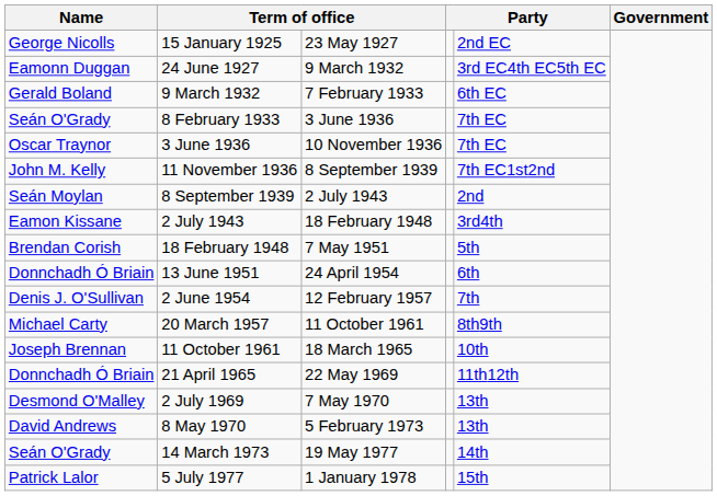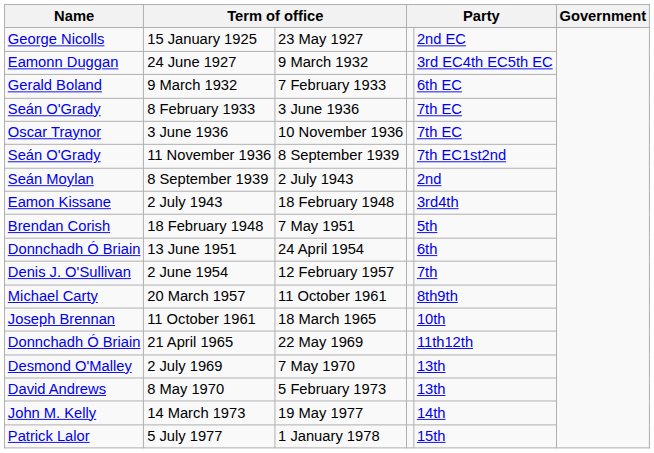 <table class="wikitable">
 <tr>
 <th>Name</th>
 <th colspan="2">Term of office</th>
 <th colspan="2">Party</th>
 <th>Government</th>
 </tr>
 <tr>
 <td><a href='#'>George Nicolls</a></td>
 <td>15 January 1925</td>
 <td>23 May 1927</td>
 <td></td>
 <td><a href='#'>2nd EC</a></td>
 </tr>
 <tr>
 <td><a href='#'>Eamonn Duggan</a></td>
 <td>24 June 1927</td>
 <td>9 March 1932</td>
 <td></td>
 <td><a href='#'>3rd EC</a><a href='#'>4th EC</a><a href='#'>5th EC</a></td>
 </tr>
 <tr>
 <td><a href='#'>Gerald Boland</a></td>
 <td>9 March 1932</td>
 <td>7 February 1933</td>
 <td></td>
 <td><a href='#'>6th EC</a></td>
 </tr>
 <tr>
 <td><a href='#'>Seán O'Grady</a></td>
 <td>8 February 1933</td>
 <td>3 June 1936</td>
 <td></td>
 <td><a href='#'>7th EC</a></td>
 </tr>
 <tr>
 <td><a href='#'>Oscar Traynor</a></td>
 <td>3 June 1936</td>
 <td>10 November 1936</td>
 <td></td>
 <td><a href='#'>7th EC</a></td>
 </tr>
 <tr>
-<td><a href='#'>John M. Kelly</a></td>
+<td><a href='#'>Seán O'Grady</a></td>
 <td>11 November 1936</td>
 <td>8 September 1939</td>
 <td></td>
 <td><a href='#'>7th EC</a><a href='#'>1st</a><a href='#'>2nd</a></td>
 </tr>
 <tr>
 <td><a href='#'>Seán Moylan</a></td>
 <td>8 September 1939</td>
 <td>2 July 1943</td>
 <td></td>
 <td><a href='#'>2nd</a></td>
 </tr>
 <tr>
 <td><a href='#'>Eamon Kissane</a></td>
 <td>2 July 1943</td>
 <td>18 February 1948</td>
 <td></td>
 <td><a href='#'>3rd</a><a href='#'>4th</a></td>
 </tr>
 <tr>
 <td><a href='#'>Brendan Corish</a></td>
 <td>18 February 1948</td>
 <td>7 May 1951</td>
 <td></td>
 <td><a href='#'>5th</a></td>
 </tr>
 <tr>
 <td><a href='#'>Donnchadh Ó Briain</a></td>
 <td>13 June 1951</td>
 <td>24 April 1954</td>
 <td></td>
 <td><a href='#'>6th</a></td>
 </tr>
 <tr>
 <td><a href='#'>Denis J. O'Sullivan</a></td>
 <td>2 June 1954</td>
 <td>12 February 1957</td>
 <td></td>
 <td><a href='#'>7th</a></td>
 </tr>
 <tr>
 <td><a href='#'>Michael Carty</a></td>
 <td>20 March 1957</td>
 <td>11 October 1961</td>
 <td></td>
 <td><a href='#'>8th</a><a href='#'>9th</a></td>
 </tr>
 <tr>
 <td><a href='#'>Joseph Brennan</a></td>
 <td>11 October 1961</td>
 <td>18 March 1965</td>
 <td></td>
 <td><a href='#'>10th</a></td>
 </tr>
 <tr>
 <td><a href='#'>Donnchadh Ó Briain</a></td>
 <td>21 April 1965</td>
 <td>22 May 1969</td>
 <td></td>
 <td><a href='#'>11th</a><a href='#'>12th</a></td>
 </tr>
 <tr>
 <td><a href='#'>Desmond O'Malley</a></td>
 <td>2 July 1969</td>
 <td>7 May 1970</td>
 <td></td>
 <td><a href='#'>13th</a></td>
 </tr>
 <tr>
 <td><a href='#'>David Andrews</a></td>
 <td>8 May 1970</td>
 <td>5 February 1973</td>
 <td></td>
 <td><a href='#'>13th</a></td>
 </tr>
 <tr>
-<td><a href='#'>Seán O'Grady</a></td>
+<td><a href='#'>John M. Kelly</a></td>
 <td>14 March 1973</td>
 <td>19 May 1977</td>
 <td></td>
 <td><a href='#'>14th</a></td>
 </tr>
 <tr>
 <td><a href='#'>Patrick Lalor</a></td>
 <td>5 July 1977</td>
 <td>1 January 1978</td>
 <td></td>
 <td><a href='#'>15th</a></td>
 </tr>
 </table>
